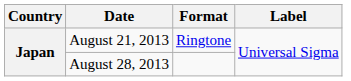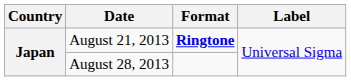 <table class="wikitable plainrowheaders">
 <tr>
 <th scope="col">Country</th>
 <th>Date</th>
 <th>Format</th>
 <th>Label</th>
 </tr>
 <tr>
 <th scope="row" rowspan="2">Japan</th>
 <td>August 21, 2013</td>
-<td><a href='#'>Ringtone</a></td>
+<td><strong><a href='#'>Ringtone</a></strong></td>
 <td rowspan="2"><a href='#'>Universal Sigma</a></td>
 </tr>
 <tr>
 <td>August 28, 2013</td>
 <td></td>
 </tr>
 </table>
